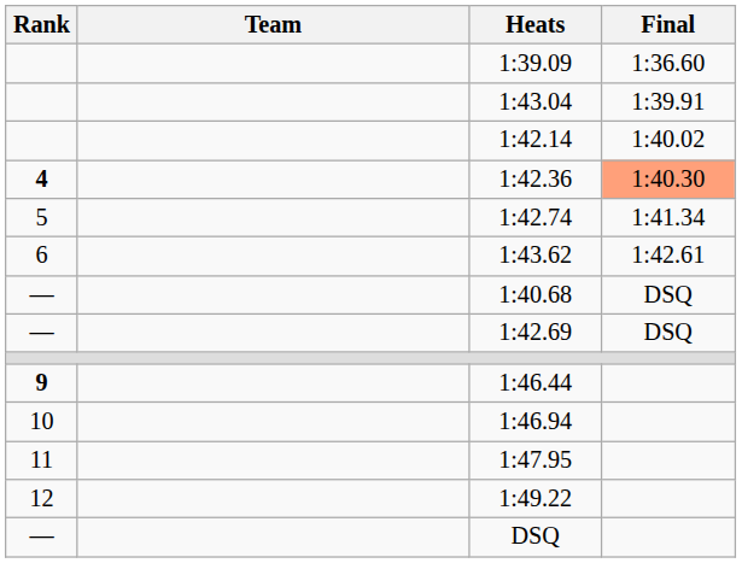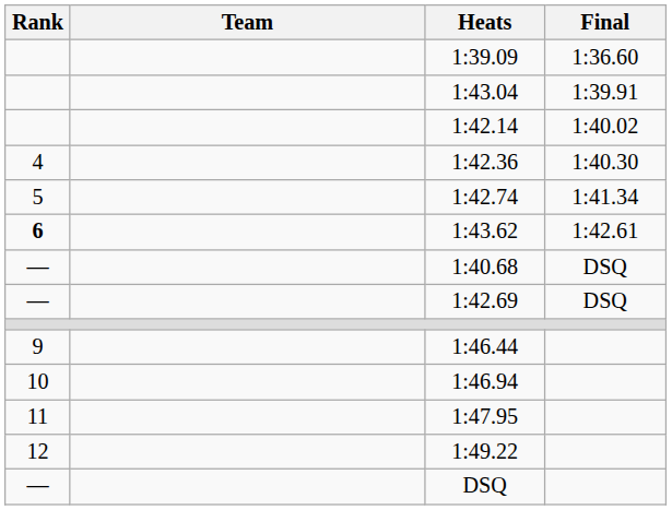 <table class=wikitable style="text-align:center">
 <tr>
 <th width=40>Rank</th>
 <th width=250>Team</th>
 <th width=80>Heats</th>
 <th width=80>Final</th>
 </tr>
 <tr>
 <td></td>
 <td align=left></td>
 <td>1:39.09</td>
 <td>1:36.60</td>
 </tr>
 <tr>
 <td></td>
 <td align=left></td>
 <td>1:43.04</td>
 <td>1:39.91</td>
 </tr>
 <tr>
 <td></td>
 <td align=left></td>
 <td>1:42.14</td>
 <td>1:40.02</td>
 </tr>
 <tr>
-<td><strong>4</strong></td>
+<td>4</td>
 <td align=left></td>
 <td>1:42.36</td>
-<td style="background: lightsalmon;">1:40.30</td>
+<td>1:40.30</td>
 </tr>
 <tr>
 <td>5</td>
 <td align=left></td>
 <td>1:42.74</td>
 <td>1:41.34</td>
 </tr>
 <tr>
-<td>6</td>
+<td><strong>6</strong></td>
 <td align=left></td>
 <td>1:43.62</td>
 <td>1:42.61</td>
 </tr>
 <tr>
 <td>—</td>
 <td align=left></td>
 <td>1:40.68</td>
 <td>DSQ</td>
 </tr>
 <tr>
 <td>—</td>
 <td align=left></td>
 <td>1:42.69</td>
 <td>DSQ</td>
 </tr>
 <tr bgcolor=#DDDDDD>
 <td colspan=4></td>
 </tr>
 <tr>
-<td><strong>9</strong></td>
+<td>9</td>
 <td align=left></td>
 <td>1:46.44</td>
 <td></td>
 </tr>
 <tr>
 <td>10</td>
 <td align=left></td>
 <td>1:46.94</td>
 <td></td>
 </tr>
 <tr>
 <td>11</td>
 <td align=left></td>
 <td>1:47.95</td>
 <td></td>
 </tr>
 <tr>
 <td>12</td>
 <td align=left></td>
 <td>1:49.22</td>
 <td></td>
 </tr>
 <tr>
 <td>—</td>
 <td align=left></td>
 <td>DSQ</td>
 <td></td>
 </tr>
 </table>
